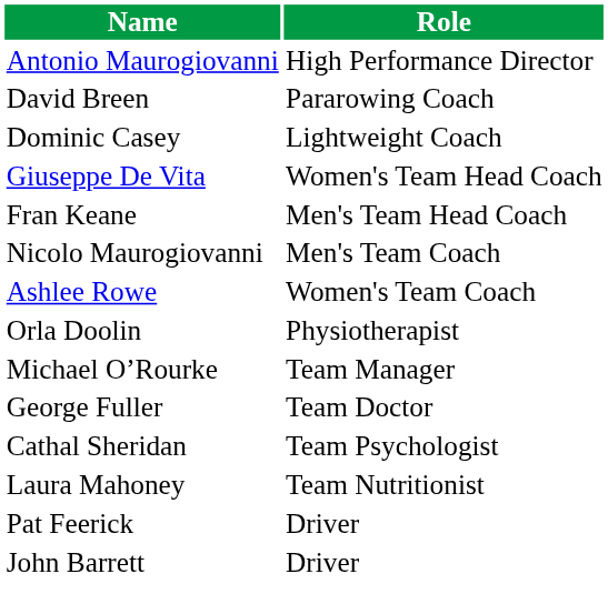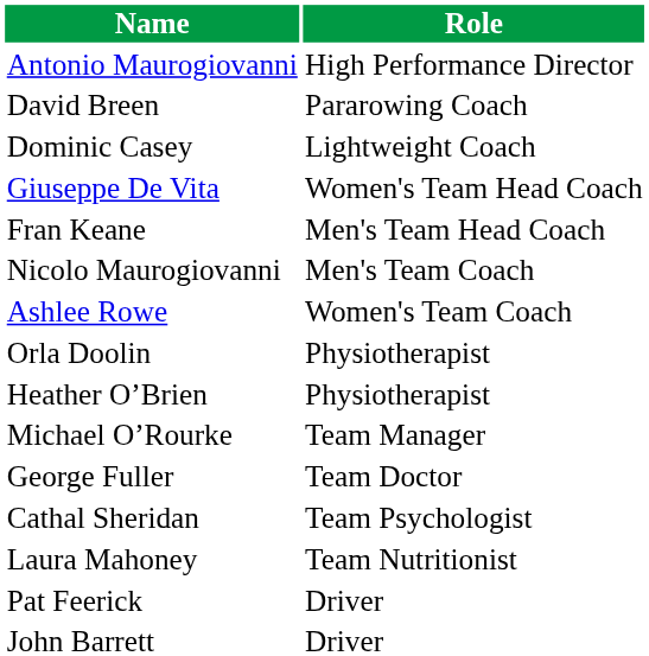 <table class=“wikitable”>
 <tr style="background-color: #009A44; color:white;">
 <th>Name</th>
 <th>Role</th>
 </tr>
 <tr>
 <td> <a href='#'>Antonio Maurogiovanni</a></td>
 <td>High Performance Director</td>
 </tr>
 <tr>
 <td> David Breen</td>
 <td>Pararowing Coach</td>
 </tr>
 <tr>
 <td> Dominic Casey</td>
 <td>Lightweight Coach</td>
 </tr>
 <tr>
 <td> <a href='#'>Giuseppe De Vita</a></td>
 <td>Women's Team Head Coach</td>
 </tr>
 <tr>
 <td> Fran Keane</td>
 <td>Men's Team Head Coach</td>
 </tr>
 <tr>
 <td> Nicolo Maurogiovanni</td>
 <td>Men's Team Coach</td>
 </tr>
 <tr>
 <td> <a href='#'>Ashlee Rowe</a></td>
 <td>Women's Team Coach</td>
 </tr>
 <tr>
 <td> Orla Doolin</td>
 <td>Physiotherapist</td>
 </tr>
 <tr>
+<td> Heather O’Brien</td>
+<td>Physiotherapist</td>
+</tr>
+<tr>
 <td> Michael O’Rourke</td>
 <td>Team Manager</td>
 </tr>
 <tr>
 <td> George Fuller</td>
 <td>Team Doctor</td>
 </tr>
 <tr>
 <td> Cathal Sheridan</td>
 <td>Team Psychologist</td>
 </tr>
 <tr>
 <td> Laura Mahoney</td>
 <td>Team Nutritionist</td>
 </tr>
 <tr>
 <td> Pat Feerick</td>
 <td>Driver⁠</td>
 </tr>
 <tr>
 <td> John Barrett</td>
 <td>Driver</td>
 </tr>
 </table>
